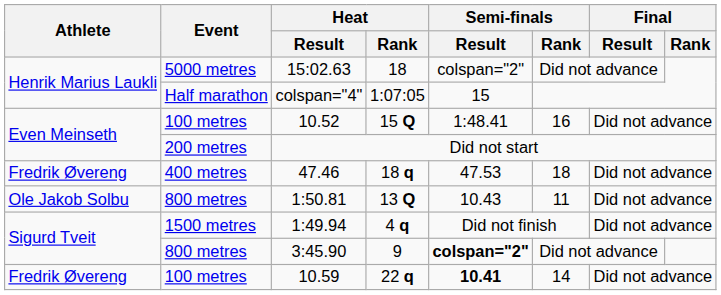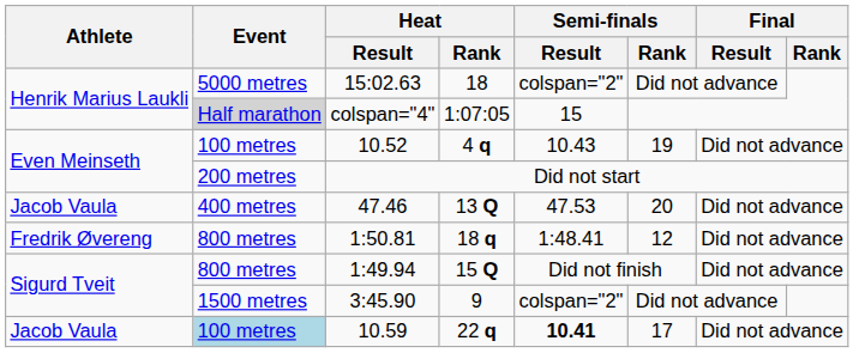 <table class="wikitable" style="font-size:90%; text-align:center">
 <tr>
 <th rowspan="2">Athlete</th>
 <th rowspan="2">Event</th>
 <th colspan="2">Heat</th>
 <th colspan="2">Semi-finals</th>
 <th colspan="2">Final</th>
 </tr>
 <tr>
 <th>Result</th>
 <th>Rank</th>
 <th>Result</th>
 <th>Rank</th>
 <th>Result</th>
 <th>Rank</th>
 </tr>
 <tr>
 <td align="left" rowspan=2><a href='#'>Henrik Marius Laukli</a></td>
 <td align="left"><a href='#'>5000 metres</a></td>
 <td>15:02.63</td>
 <td>18</td>
 <td>colspan="2" </td>
 <td colspan="2">Did not advance</td>
 </tr>
 <tr>
-<td align="left"><a href='#'>Half marathon</a></td>
+<td align="left" style="background: lightgrey;"><a href='#'>Half marathon</a></td>
 <td>colspan="4" </td>
 <td>1:07:05</td>
 <td>15</td>
 </tr>
 <tr>
 <td align="left" rowspan=2><a href='#'>Even Meinseth</a></td>
 <td align="left"><a href='#'>100 metres</a></td>
 <td>10.52</td>
-<td>15 <strong>Q</strong></td>
-<td>1:48.41</td>
-<td>16</td>
+<td>4 <strong>q</strong></td>
+<td>10.43</td>
+<td>19</td>
 <td colspan="2">Did not advance</td>
 </tr>
 <tr>
 <td align="left"><a href='#'>200 metres</a></td>
 <td colspan="6">Did not start</td>
 </tr>
 <tr>
-<td align="left"><a href='#'>Fredrik Øvereng</a></td>
+<td align="left"><a href='#'>Jacob Vaula</a></td>
 <td align="left"><a href='#'>400 metres</a></td>
 <td>47.46</td>
-<td>18 <strong>q</strong></td>
+<td>13 <strong>Q</strong></td>
 <td>47.53</td>
-<td>18</td>
+<td>20</td>
 <td colspan="2">Did not advance</td>
 </tr>
 <tr>
-<td align="left"><a href='#'>Ole Jakob Solbu</a></td>
+<td align="left"><a href='#'>Fredrik Øvereng</a></td>
 <td align="left"><a href='#'>800 metres</a></td>
 <td>1:50.81</td>
-<td>13 <strong>Q</strong></td>
-<td>10.43</td>
-<td>11</td>
+<td>18 <strong>q</strong></td>
+<td>1:48.41</td>
+<td>12</td>
 <td colspan="2">Did not advance</td>
 </tr>
 <tr>
 <td align="left" rowspan=2><a href='#'>Sigurd Tveit</a></td>
-<td align="left"><a href='#'>1500 metres</a></td>
+<td align="left"><a href='#'>800 metres</a></td>
 <td>1:49.94</td>
-<td>4 <strong>q</strong></td>
+<td>15 <strong>Q</strong></td>
 <td colspan="2">Did not finish</td>
 <td colspan="2">Did not advance</td>
 </tr>
 <tr>
-<td align="left"><a href='#'>800 metres</a></td>
+<td align="left"><a href='#'>1500 metres</a></td>
 <td>3:45.90</td>
 <td>9</td>
-<td><strong>colspan="2" </strong></td>
+<td>colspan="2" </td>
 <td colspan="2">Did not advance</td>
 </tr>
 <tr>
-<td align="left"><a href='#'>Fredrik Øvereng</a></td>
-<td align="left"><a href='#'>100 metres</a></td>
+<td align="left"><a href='#'>Jacob Vaula</a></td>
+<td align="left" style="background: lightblue;"><a href='#'>100 metres</a></td>
 <td>10.59</td>
 <td>22 <strong>q</strong></td>
 <td><strong>10.41</strong></td>
-<td>14</td>
+<td>17</td>
 <td colspan="2">Did not advance</td>
 </tr>
 </table>
